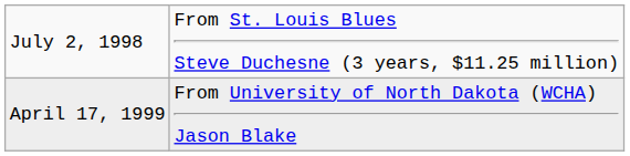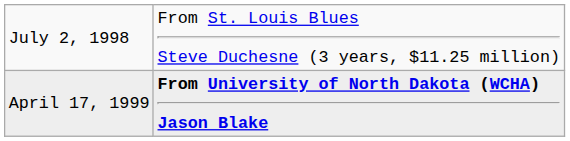 <table class="wikitable">
 <tr>
 <td>July 2, 1998</td>
 <td valign="top">From <a href='#'>St. Louis Blues</a><hr><a href='#'>Steve Duchesne</a> (3 years, $11.25 million)</td>
 </tr>
 <tr style="background:#eee;">
 <td>April 17, 1999</td>
-<td valign="top">From <a href='#'>University of North Dakota</a> (<a href='#'>WCHA</a>)<hr><a href='#'>Jason Blake</a></td>
+<td valign="top"><strong>From <a href='#'>University of North Dakota</a> (<a href='#'>WCHA</a>)<hr><a href='#'>Jason Blake</a></strong></td>
 </tr>
 </table>
